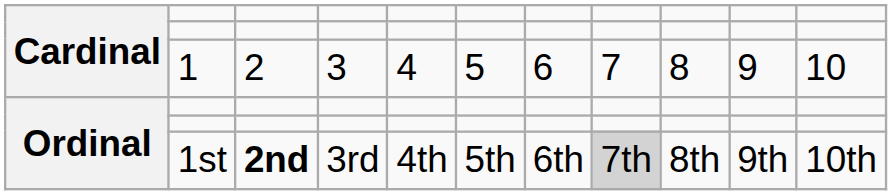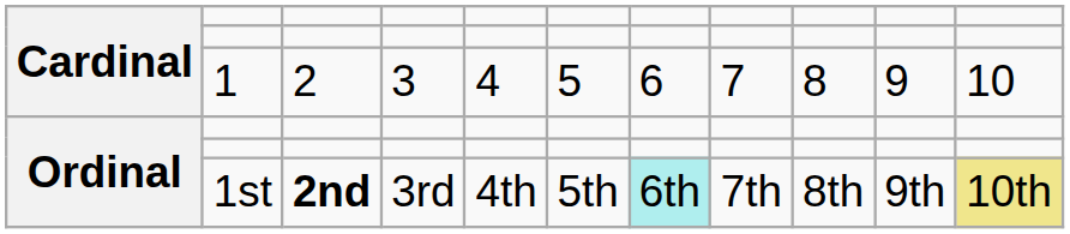 <table class="wikitable">
 <tr>
 <th rowspan="3">Cardinal</th>
 <td></td>
 <td></td>
 <td></td>
 <td></td>
 <td></td>
 <td></td>
 <td></td>
 <td></td>
 <td></td>
 <td></td>
 </tr>
 <tr>
 <td></td>
 <td></td>
 <td></td>
 <td></td>
 <td></td>
 <td></td>
 <td></td>
 <td></td>
 <td></td>
 <td></td>
 </tr>
 <tr>
 <td>1</td>
 <td>2</td>
 <td>3</td>
 <td>4</td>
 <td>5</td>
 <td>6</td>
 <td>7</td>
 <td>8</td>
 <td>9</td>
 <td>10</td>
 </tr>
 <tr>
 <th rowspan="3">Ordinal</th>
 <td></td>
 <td></td>
 <td></td>
 <td></td>
 <td></td>
 <td></td>
 <td></td>
 <td></td>
 <td></td>
 <td></td>
 </tr>
 <tr>
 <td></td>
 <td></td>
 <td></td>
 <td></td>
 <td></td>
 <td></td>
 <td></td>
 <td></td>
 <td></td>
 <td></td>
 </tr>
 <tr>
 <td>1st</td>
 <td><strong>2nd</strong></td>
 <td>3rd</td>
 <td>4th</td>
 <td>5th</td>
-<td>6th</td>
-<td style="background: lightgrey;">7th</td>
+<td style="background: paleturquoise;">6th</td>
+<td>7th</td>
 <td>8th</td>
 <td>9th</td>
-<td>10th</td>
+<td style="background: khaki;">10th</td>
 </tr>
 </table>
